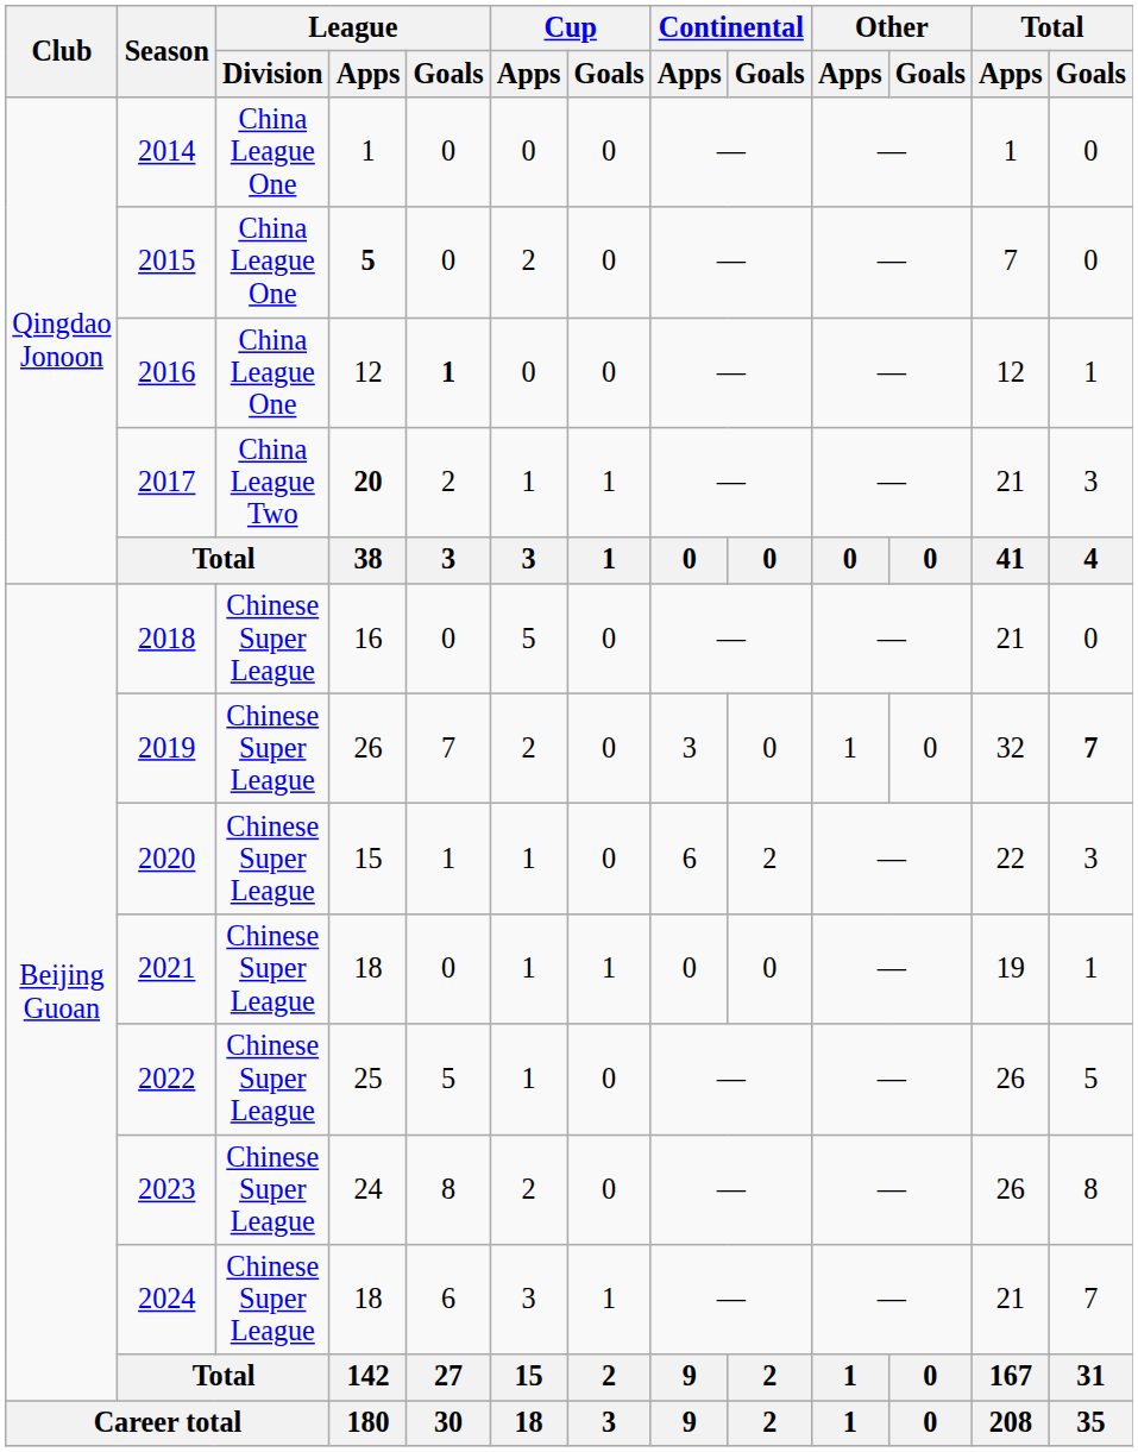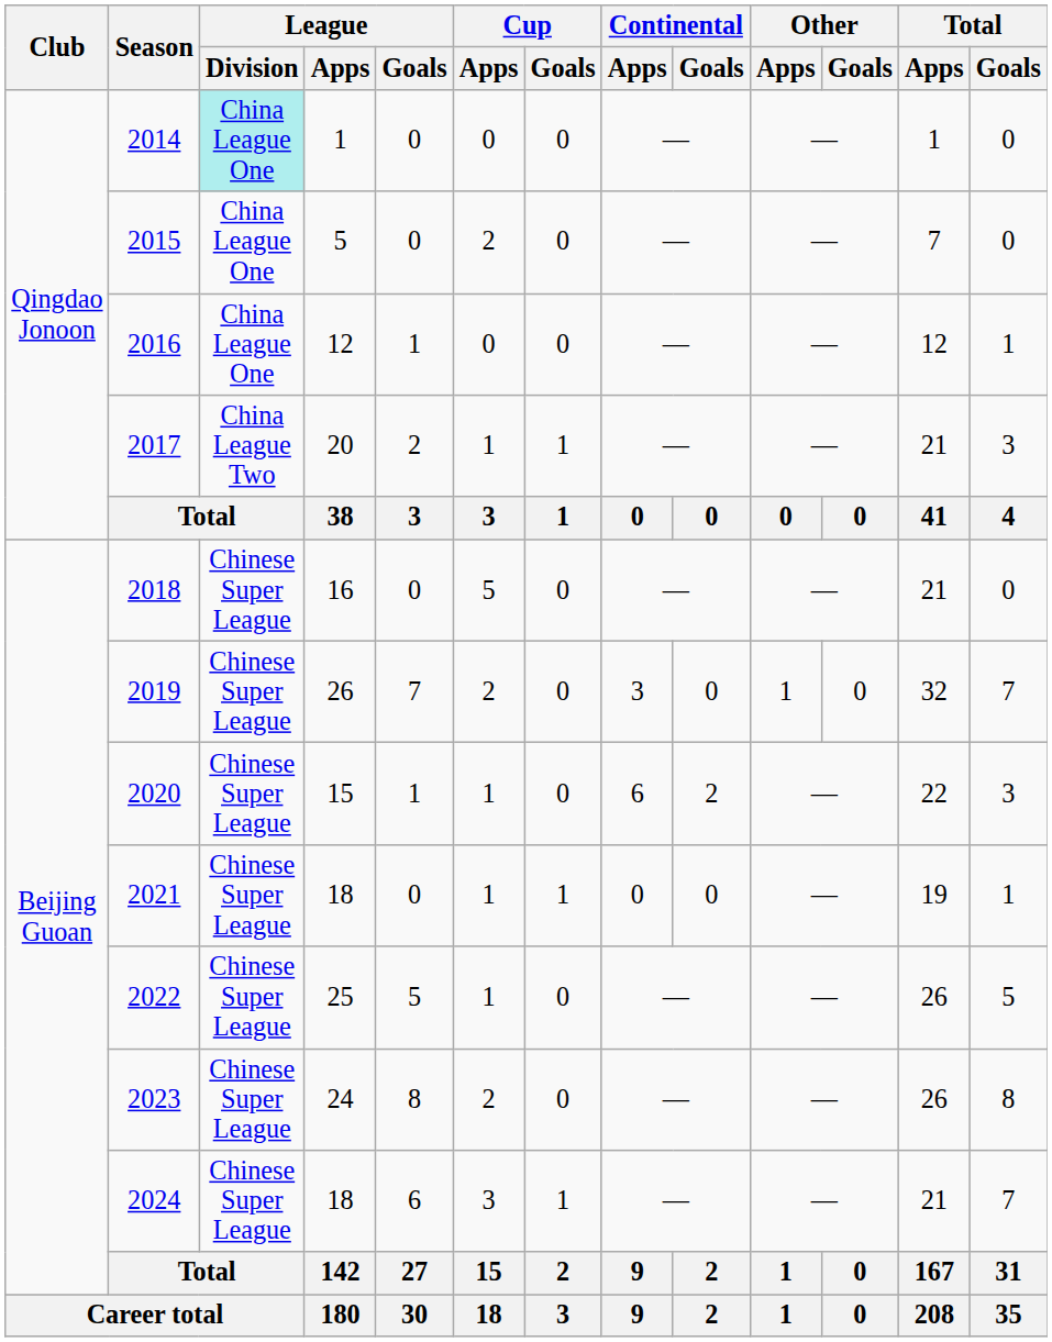 <table class="wikitable" style="text-align:center">
 <tr>
 <th rowspan=2>Club</th>
 <th rowspan=2>Season</th>
 <th colspan=3>League</th>
 <th colspan=2><a href='#'>Cup</a></th>
 <th colspan=2><a href='#'>Continental</a></th>
 <th colspan=2>Other</th>
 <th colspan=2>Total</th>
 </tr>
 <tr>
 <th>Division</th>
 <th>Apps</th>
 <th>Goals</th>
 <th>Apps</th>
 <th>Goals</th>
 <th>Apps</th>
 <th>Goals</th>
 <th>Apps</th>
 <th>Goals</th>
 <th>Apps</th>
 <th>Goals</th>
 </tr>
 <tr>
 <td rowspan=5><a href='#'>Qingdao Jonoon</a></td>
 <td><a href='#'>2014</a></td>
-<td><a href='#'>China League One</a></td>
+<td style="background: paleturquoise;"><a href='#'>China League One</a></td>
 <td>1</td>
 <td>0</td>
 <td>0</td>
 <td>0</td>
 <td colspan=2>—</td>
 <td colspan=2>—</td>
 <td>1</td>
 <td>0</td>
 </tr>
 <tr>
 <td><a href='#'>2015</a></td>
 <td><a href='#'>China League One</a></td>
-<td><strong>5</strong></td>
+<td>5</td>
 <td>0</td>
 <td>2</td>
 <td>0</td>
 <td colspan=2>—</td>
 <td colspan=2>—</td>
 <td>7</td>
 <td>0</td>
 </tr>
 <tr>
 <td><a href='#'>2016</a></td>
 <td><a href='#'>China League One</a></td>
 <td>12</td>
-<td><strong>1</strong></td>
+<td>1</td>
 <td>0</td>
 <td>0</td>
 <td colspan=2>—</td>
 <td colspan=2>—</td>
 <td>12</td>
 <td>1</td>
 </tr>
 <tr>
 <td><a href='#'>2017</a></td>
 <td><a href='#'>China League Two</a></td>
-<td><strong>20</strong></td>
+<td>20</td>
 <td>2</td>
 <td>1</td>
 <td>1</td>
 <td colspan=2>—</td>
 <td colspan=2>—</td>
 <td>21</td>
 <td>3</td>
 </tr>
 <tr>
 <th colspan=2>Total</th>
 <th>38</th>
 <th>3</th>
 <th>3</th>
 <th>1</th>
 <th>0</th>
 <th>0</th>
 <th>0</th>
 <th>0</th>
 <th>41</th>
 <th>4</th>
 </tr>
 <tr>
 <td rowspan="8"><a href='#'>Beijing Guoan</a></td>
 <td><a href='#'>2018</a></td>
 <td><a href='#'>Chinese Super League</a></td>
 <td>16</td>
 <td>0</td>
 <td>5</td>
 <td>0</td>
 <td colspan=2>—</td>
 <td colspan=2>—</td>
 <td>21</td>
 <td>0</td>
 </tr>
 <tr>
 <td><a href='#'>2019</a></td>
 <td><a href='#'>Chinese Super League</a></td>
 <td>26</td>
 <td>7</td>
 <td>2</td>
 <td>0</td>
 <td>3</td>
 <td>0</td>
 <td>1</td>
 <td>0</td>
 <td>32</td>
-<td><strong>7</strong></td>
+<td>7</td>
 </tr>
 <tr>
 <td><a href='#'>2020</a></td>
 <td><a href='#'>Chinese Super League</a></td>
 <td>15</td>
 <td>1</td>
 <td>1</td>
 <td>0</td>
 <td>6</td>
 <td>2</td>
 <td colspan=2>—</td>
 <td>22</td>
 <td>3</td>
 </tr>
 <tr>
 <td><a href='#'>2021</a></td>
 <td><a href='#'>Chinese Super League</a></td>
 <td>18</td>
 <td>0</td>
 <td>1</td>
 <td>1</td>
 <td>0</td>
 <td>0</td>
 <td colspan=2>—</td>
 <td>19</td>
 <td>1</td>
 </tr>
 <tr>
 <td><a href='#'>2022</a></td>
 <td><a href='#'>Chinese Super League</a></td>
 <td>25</td>
 <td>5</td>
 <td>1</td>
 <td>0</td>
 <td colspan="2">—</td>
 <td colspan="2">—</td>
 <td>26</td>
 <td>5</td>
 </tr>
 <tr>
 <td><a href='#'>2023</a></td>
 <td><a href='#'>Chinese Super League</a></td>
 <td>24</td>
 <td>8</td>
 <td>2</td>
 <td>0</td>
 <td colspan="2">—</td>
 <td colspan="2">—</td>
 <td>26</td>
 <td>8</td>
 </tr>
 <tr>
 <td><a href='#'>2024</a></td>
 <td><a href='#'>Chinese Super League</a></td>
 <td>18</td>
 <td>6</td>
 <td>3</td>
 <td>1</td>
 <td colspan="2">—</td>
 <td colspan="2">—</td>
 <td>21</td>
 <td>7</td>
 </tr>
 <tr>
 <th colspan="2">Total</th>
 <th>142</th>
 <th>27</th>
 <th>15</th>
 <th>2</th>
 <th>9</th>
 <th>2</th>
 <th>1</th>
 <th>0</th>
 <th>167</th>
 <th>31</th>
 </tr>
 <tr>
 <th colspan="3">Career total</th>
 <th>180</th>
 <th>30</th>
 <th>18</th>
 <th>3</th>
 <th>9</th>
 <th>2</th>
 <th>1</th>
 <th>0</th>
 <th>208</th>
 <th>35</th>
 </tr>
 </table>
